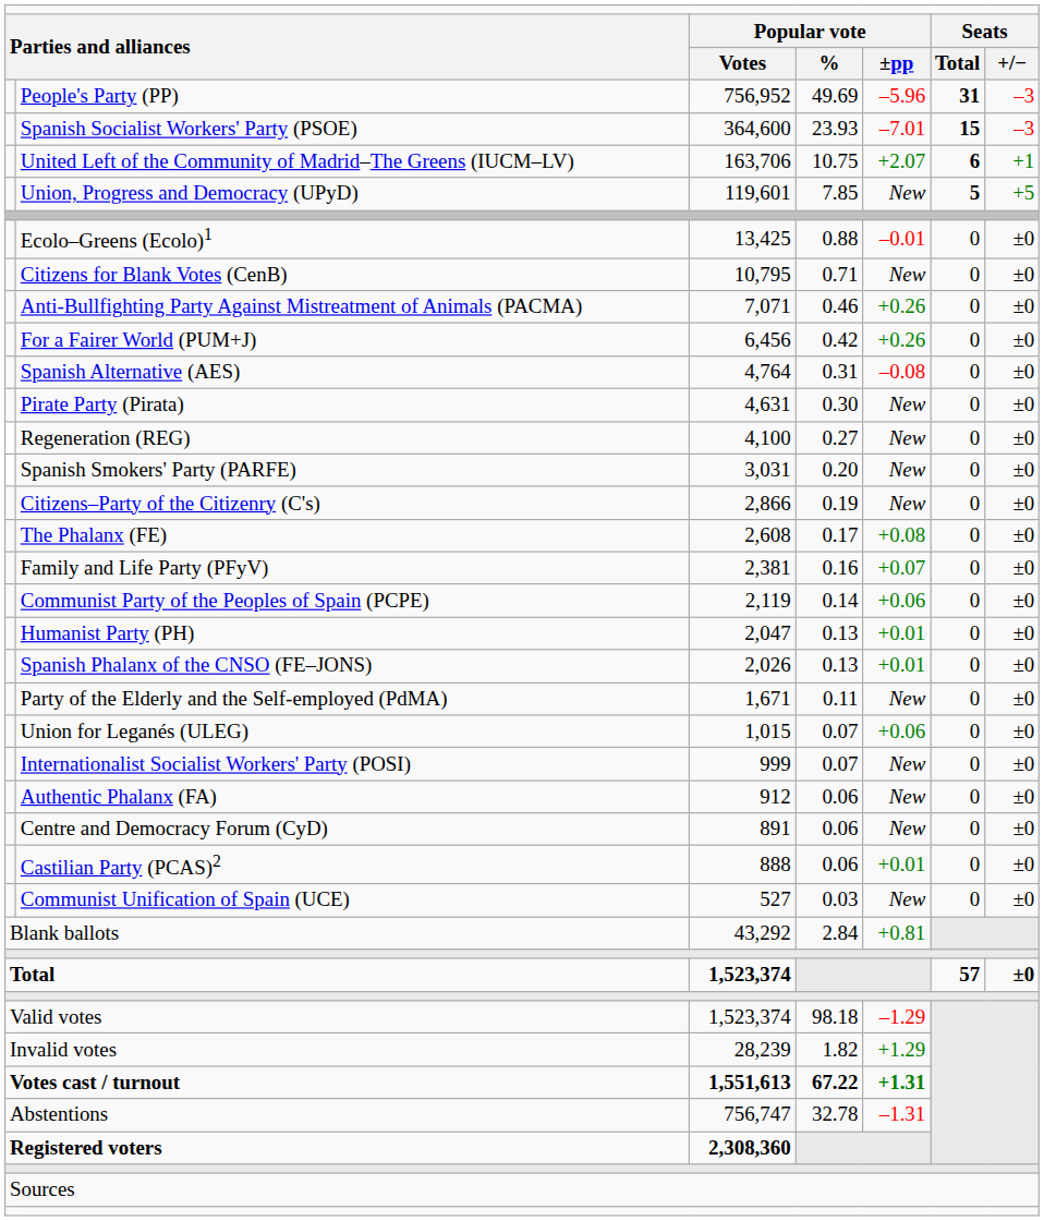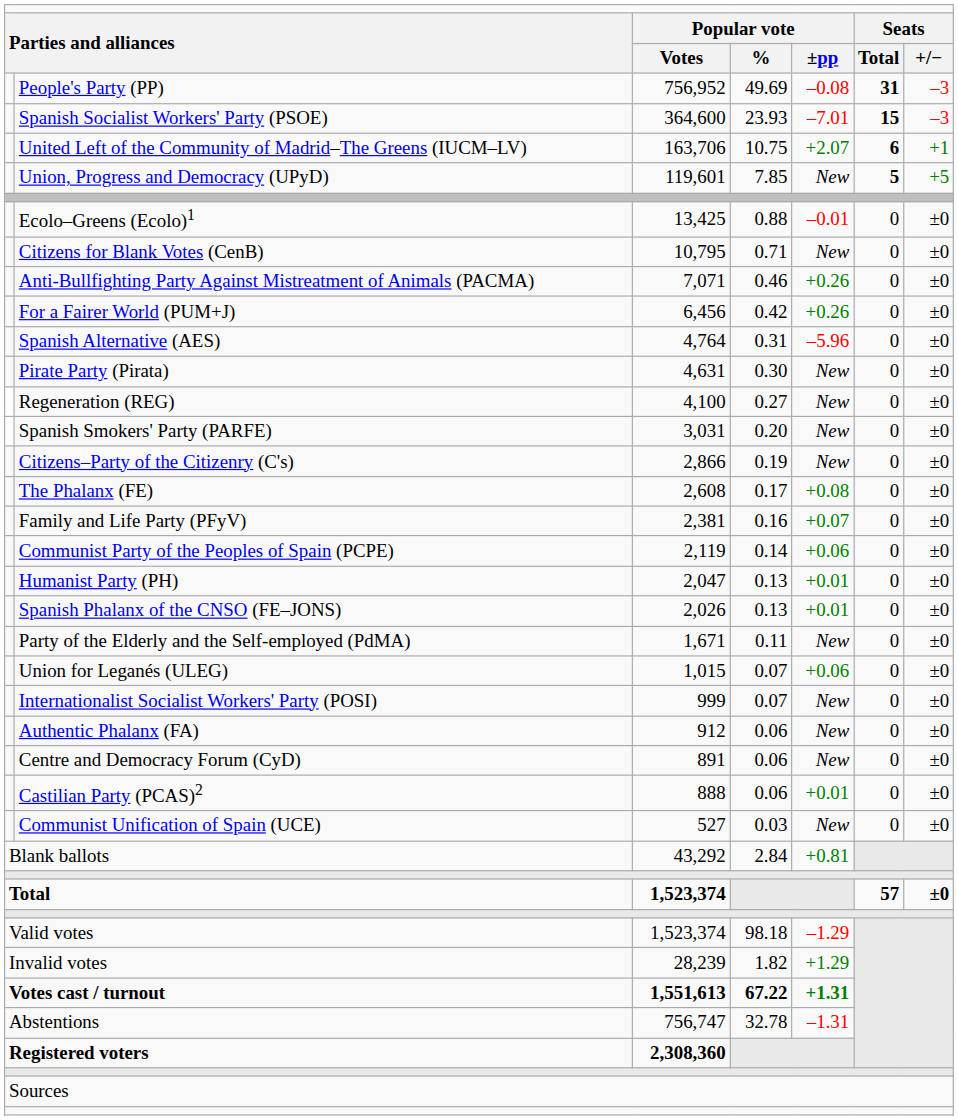 <table class="wikitable" style="text-align:right;">
 <tr>
 <td colspan="7"></td>
 </tr>
 <tr>
 <th style="text-align:left;" rowspan="2" colspan="2" width="525">Parties and alliances</th>
 <th colspan="3">Popular vote</th>
 <th colspan="2">Seats</th>
 </tr>
 <tr>
 <th width="75">Votes</th>
 <th width="45">%</th>
 <th width="45">±<a href='#'>pp</a></th>
 <th width="35">Total</th>
 <th width="35">+/−</th>
 </tr>
 <tr>
 <td width="1" style="color:inherit;background:"></td>
 <td align="left"><a href='#'>People's Party</a> (PP)</td>
 <td>756,952</td>
 <td>49.69</td>
-<td style="color:red;">–5.96</td>
+<td style="color:red;">–0.08</td>
 <td><strong>31</strong></td>
 <td style="color:red;">–3</td>
 </tr>
 <tr>
 <td style="color:inherit;background:"></td>
 <td align="left"><a href='#'>Spanish Socialist Workers' Party</a> (PSOE)</td>
 <td>364,600</td>
 <td>23.93</td>
 <td style="color:red;">–7.01</td>
 <td><strong>15</strong></td>
 <td style="color:red;">–3</td>
 </tr>
 <tr>
 <td style="color:inherit;background:"></td>
 <td align="left"><a href='#'>United Left of the Community of Madrid</a>–<a href='#'>The Greens</a> (IUCM–LV)</td>
 <td>163,706</td>
 <td>10.75</td>
 <td style="color:green;">+2.07</td>
 <td><strong>6</strong></td>
 <td style="color:green;">+1</td>
 </tr>
 <tr>
 <td style="color:inherit;background:"></td>
 <td align="left"><a href='#'>Union, Progress and Democracy</a> (UPyD)</td>
 <td>119,601</td>
 <td>7.85</td>
 <td><em>New</em></td>
 <td><strong>5</strong></td>
 <td style="color:green;">+5</td>
 </tr>
 <tr>
 <td colspan="7" bgcolor="#C0C0C0"></td>
 </tr>
 <tr>
 <td style="color:inherit;background:"></td>
 <td align="left">Ecolo–Greens (Ecolo)<sup>1</sup></td>
 <td>13,425</td>
 <td>0.88</td>
 <td style="color:red;">–0.01</td>
 <td>0</td>
 <td>±0</td>
 </tr>
 <tr>
 <td style="color:inherit;background:"></td>
 <td align="left"><a href='#'>Citizens for Blank Votes</a> (CenB)</td>
 <td>10,795</td>
 <td>0.71</td>
 <td><em>New</em></td>
 <td>0</td>
 <td>±0</td>
 </tr>
 <tr>
 <td style="color:inherit;background:"></td>
 <td align="left"><a href='#'>Anti-Bullfighting Party Against Mistreatment of Animals</a> (PACMA)</td>
 <td>7,071</td>
 <td>0.46</td>
 <td style="color:green;">+0.26</td>
 <td>0</td>
 <td>±0</td>
 </tr>
 <tr>
 <td style="color:inherit;background:"></td>
 <td align="left"><a href='#'>For a Fairer World</a> (PUM+J)</td>
 <td>6,456</td>
 <td>0.42</td>
 <td style="color:green;">+0.26</td>
 <td>0</td>
 <td>±0</td>
 </tr>
 <tr>
 <td style="color:inherit;background:"></td>
 <td align="left"><a href='#'>Spanish Alternative</a> (AES)</td>
 <td>4,764</td>
 <td>0.31</td>
-<td style="color:red;">–0.08</td>
+<td style="color:red;">–5.96</td>
 <td>0</td>
 <td>±0</td>
 </tr>
 <tr>
 <td style="color:inherit;background:"></td>
 <td align="left"><a href='#'>Pirate Party</a> (Pirata)</td>
 <td>4,631</td>
 <td>0.30</td>
 <td><em>New</em></td>
 <td>0</td>
 <td>±0</td>
 </tr>
 <tr>
 <td bgcolor="white"></td>
 <td align="left">Regeneration (REG)</td>
 <td>4,100</td>
 <td>0.27</td>
 <td><em>New</em></td>
 <td>0</td>
 <td>±0</td>
 </tr>
 <tr>
 <td bgcolor="white"></td>
 <td align="left">Spanish Smokers' Party (PARFE)</td>
 <td>3,031</td>
 <td>0.20</td>
 <td><em>New</em></td>
 <td>0</td>
 <td>±0</td>
 </tr>
 <tr>
 <td style="color:inherit;background:"></td>
 <td align="left"><a href='#'>Citizens–Party of the Citizenry</a> (C's)</td>
 <td>2,866</td>
 <td>0.19</td>
 <td><em>New</em></td>
 <td>0</td>
 <td>±0</td>
 </tr>
 <tr>
 <td style="color:inherit;background:"></td>
 <td align="left"><a href='#'>The Phalanx</a> (FE)</td>
 <td>2,608</td>
 <td>0.17</td>
 <td style="color:green;">+0.08</td>
 <td>0</td>
 <td>±0</td>
 </tr>
 <tr>
 <td style="color:inherit;background:"></td>
 <td align="left">Family and Life Party (PFyV)</td>
 <td>2,381</td>
 <td>0.16</td>
 <td style="color:green;">+0.07</td>
 <td>0</td>
 <td>±0</td>
 </tr>
 <tr>
 <td style="color:inherit;background:"></td>
 <td align="left"><a href='#'>Communist Party of the Peoples of Spain</a> (PCPE)</td>
 <td>2,119</td>
 <td>0.14</td>
 <td style="color:green;">+0.06</td>
 <td>0</td>
 <td>±0</td>
 </tr>
 <tr>
 <td style="color:inherit;background:"></td>
 <td align="left"><a href='#'>Humanist Party</a> (PH)</td>
 <td>2,047</td>
 <td>0.13</td>
 <td style="color:green;">+0.01</td>
 <td>0</td>
 <td>±0</td>
 </tr>
 <tr>
 <td style="color:inherit;background:"></td>
 <td align="left"><a href='#'>Spanish Phalanx of the CNSO</a> (FE–JONS)</td>
 <td>2,026</td>
 <td>0.13</td>
 <td style="color:green;">+0.01</td>
 <td>0</td>
 <td>±0</td>
 </tr>
 <tr>
 <td style="color:inherit;background:"></td>
 <td align="left">Party of the Elderly and the Self-employed (PdMA)</td>
 <td>1,671</td>
 <td>0.11</td>
 <td><em>New</em></td>
 <td>0</td>
 <td>±0</td>
 </tr>
 <tr>
 <td style="color:inherit;background:"></td>
 <td align="left">Union for Leganés (ULEG)</td>
 <td>1,015</td>
 <td>0.07</td>
 <td style="color:green;">+0.06</td>
 <td>0</td>
 <td>±0</td>
 </tr>
 <tr>
 <td style="color:inherit;background:"></td>
 <td align="left"><a href='#'>Internationalist Socialist Workers' Party</a> (POSI)</td>
 <td>999</td>
 <td>0.07</td>
 <td><em>New</em></td>
 <td>0</td>
 <td>±0</td>
 </tr>
 <tr>
 <td style="color:inherit;background:"></td>
 <td align="left"><a href='#'>Authentic Phalanx</a> (FA)</td>
 <td>912</td>
 <td>0.06</td>
 <td><em>New</em></td>
 <td>0</td>
 <td>±0</td>
 </tr>
 <tr>
 <td style="color:inherit;background:"></td>
 <td align="left">Centre and Democracy Forum (CyD)</td>
 <td>891</td>
 <td>0.06</td>
 <td><em>New</em></td>
 <td>0</td>
 <td>±0</td>
 </tr>
 <tr>
 <td style="color:inherit;background:"></td>
 <td align="left"><a href='#'>Castilian Party</a> (PCAS)<sup>2</sup></td>
 <td>888</td>
 <td>0.06</td>
 <td style="color:green;">+0.01</td>
 <td>0</td>
 <td>±0</td>
 </tr>
 <tr>
 <td style="color:inherit;background:"></td>
 <td align="left"><a href='#'>Communist Unification of Spain</a> (UCE)</td>
 <td>527</td>
 <td>0.03</td>
 <td><em>New</em></td>
 <td>0</td>
 <td>±0</td>
 </tr>
 <tr>
 <td align="left" colspan="2">Blank ballots</td>
 <td>43,292</td>
 <td>2.84</td>
 <td style="color:green;">+0.81</td>
 <td bgcolor="#E9E9E9" colspan="2"></td>
 </tr>
 <tr>
 <td colspan="7" bgcolor="#E9E9E9"></td>
 </tr>
 <tr style="font-weight:bold;">
 <td align="left" colspan="2">Total</td>
 <td>1,523,374</td>
 <td bgcolor="#E9E9E9" colspan="2"></td>
 <td>57</td>
 <td>±0</td>
 </tr>
 <tr>
 <td colspan="7" bgcolor="#E9E9E9"></td>
 </tr>
 <tr>
 <td align="left" colspan="2">Valid votes</td>
 <td>1,523,374</td>
 <td>98.18</td>
 <td style="color:red;">–1.29</td>
 <td bgcolor="#E9E9E9" colspan="2" rowspan="5"></td>
 </tr>
 <tr>
 <td align="left" colspan="2">Invalid votes</td>
 <td>28,239</td>
 <td>1.82</td>
 <td style="color:green;">+1.29</td>
 </tr>
 <tr style="font-weight:bold;">
 <td align="left" colspan="2">Votes cast / turnout</td>
 <td>1,551,613</td>
 <td>67.22</td>
 <td style="color:green;">+1.31</td>
 </tr>
 <tr>
 <td align="left" colspan="2">Abstentions</td>
 <td>756,747</td>
 <td>32.78</td>
 <td style="color:red;">–1.31</td>
 </tr>
 <tr style="font-weight:bold;">
 <td align="left" colspan="2">Registered voters</td>
 <td>2,308,360</td>
 <td bgcolor="#E9E9E9" colspan="2"></td>
 </tr>
 <tr>
 <td colspan="7" bgcolor="#E9E9E9"></td>
 </tr>
 <tr>
 <td align="left" colspan="7">Sources</td>
 </tr>
 <tr>
 <td colspan="7" style="text-align:left; max-width:790px;"></td>
 </tr>
 </table>
